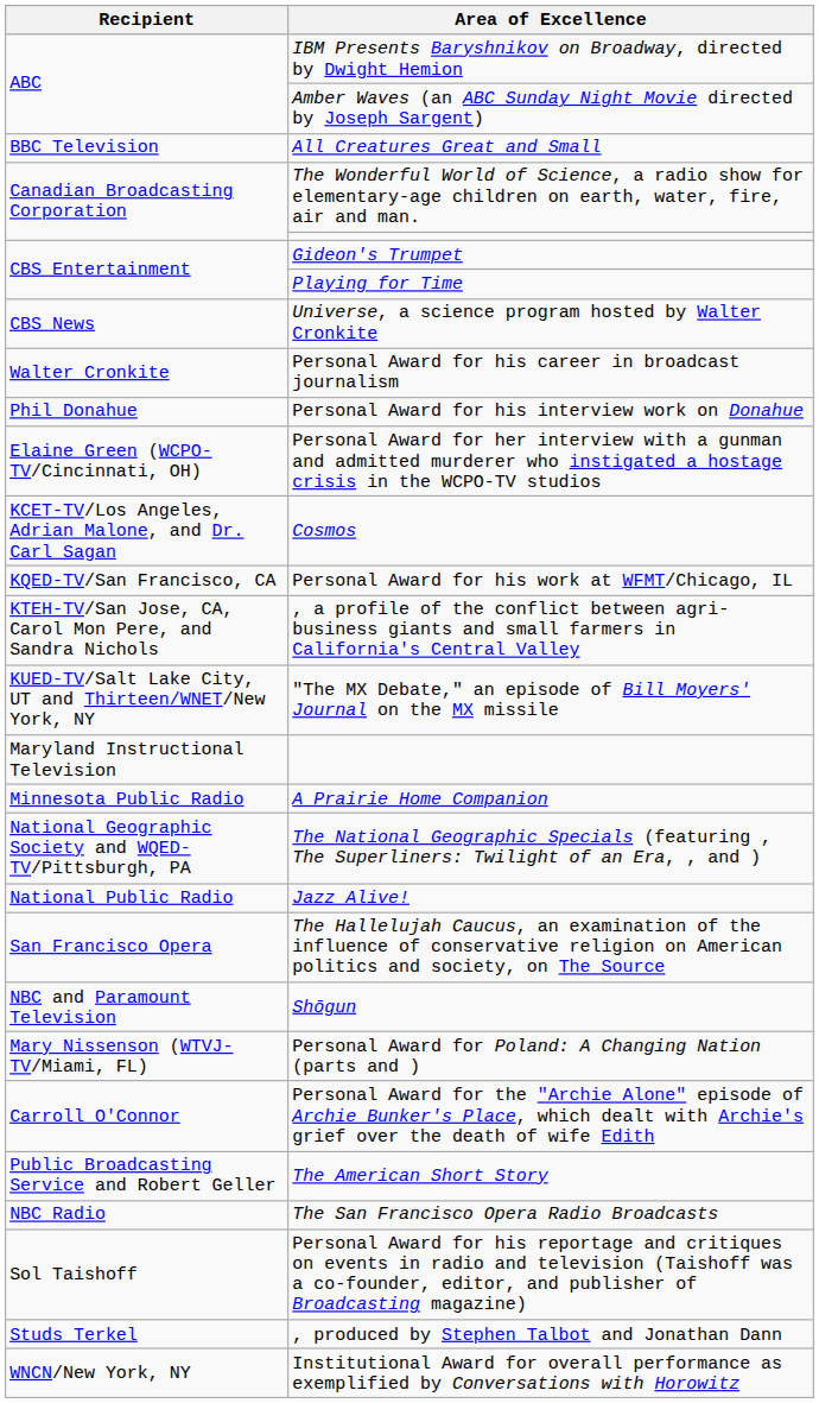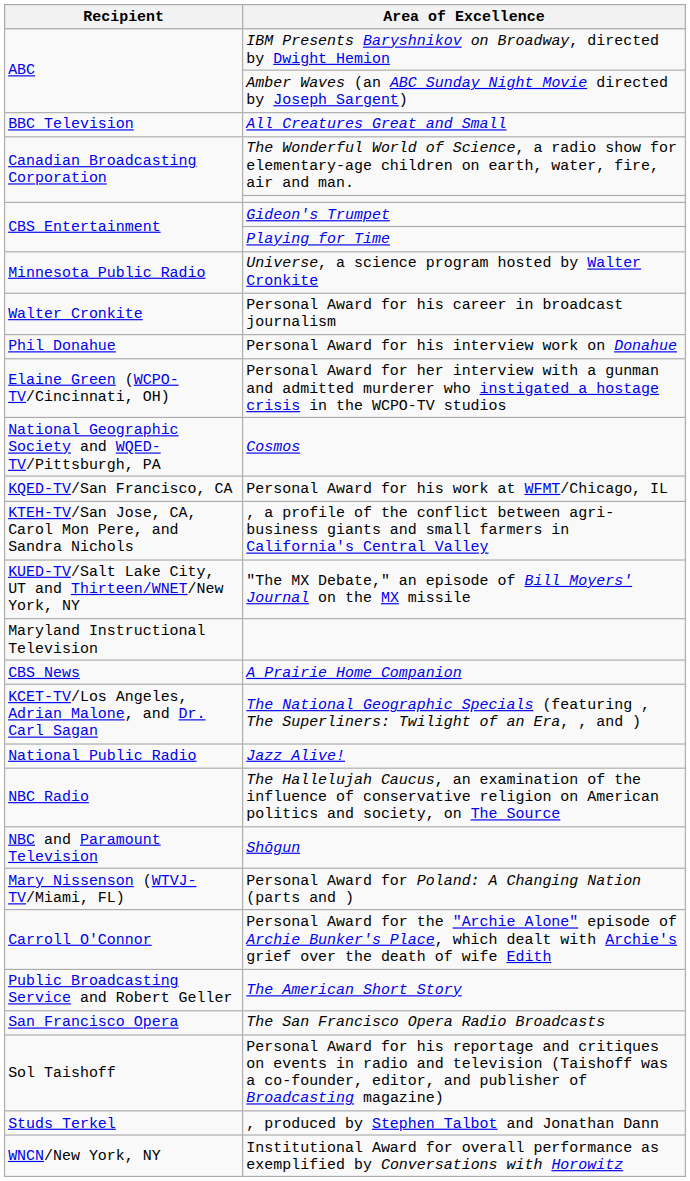 <table class="wikitable" style="width:95%">
 <tr bgcolor="#CCCCCC">
 <th width=35%>Recipient</th>
 <th width=65%>Area of Excellence</th>
 </tr>
 <tr>
 <td rowspan="2"><a href='#'>ABC</a></td>
 <td><em>IBM Presents <a href='#'>Baryshnikov</a> on Broadway</em>, directed by <a href='#'>Dwight Hemion</a></td>
 </tr>
 <tr>
 <td><em>Amber Waves</em> (an <em><a href='#'>ABC Sunday Night Movie</a></em> directed by <a href='#'>Joseph Sargent</a>)</td>
 </tr>
 <tr>
 <td><a href='#'>BBC Television</a></td>
 <td><em><a href='#'>All Creatures Great and Small</a></em></td>
 </tr>
 <tr>
 <td rowspan="2"><a href='#'>Canadian Broadcasting Corporation</a></td>
 <td><em>The Wonderful World of Science</em>, a radio show for elementary-age children on earth, water, fire, air and man.</td>
 </tr>
 <tr>
 <td><em></em></td>
 </tr>
 <tr>
 <td rowspan="2"><a href='#'>CBS Entertainment</a></td>
 <td><em><a href='#'>Gideon's Trumpet</a></em></td>
 </tr>
 <tr>
 <td><em><a href='#'>Playing for Time</a></em></td>
 </tr>
 <tr>
-<td><a href='#'>CBS News</a></td>
+<td><a href='#'>Minnesota Public Radio</a></td>
 <td><em>Universe</em>, a science program hosted by <a href='#'>Walter Cronkite</a></td>
 </tr>
 <tr>
 <td><a href='#'>Walter Cronkite</a></td>
 <td>Personal Award for his career in broadcast journalism</td>
 </tr>
 <tr>
 <td><a href='#'>Phil Donahue</a></td>
 <td>Personal Award for his interview work on <em><a href='#'>Donahue</a></em></td>
 </tr>
 <tr>
 <td rowspan="1"><a href='#'>Elaine Green</a> (<a href='#'>WCPO-TV</a>/Cincinnati, OH)</td>
 <td>Personal Award for her interview with a gunman and admitted murderer who <a href='#'>instigated a hostage crisis</a> in the WCPO-TV studios</td>
 </tr>
 <tr>
-<td><a href='#'>KCET-TV</a>/Los Angeles, <a href='#'>Adrian Malone</a>, and <a href='#'>Dr. Carl Sagan</a></td>
+<td><a href='#'>National Geographic Society</a> and <a href='#'>WQED-TV</a>/Pittsburgh, PA</td>
 <td><em><a href='#'>Cosmos</a></em></td>
 </tr>
 <tr>
 <td><a href='#'>KQED-TV</a>/San Francisco, CA</td>
 <td>Personal Award for his work at <a href='#'>WFMT</a>/Chicago, IL</td>
 </tr>
 <tr>
 <td><a href='#'>KTEH-TV</a>/San Jose, CA, Carol Mon Pere, and Sandra Nichols</td>
 <td><em></em>, a profile of the conflict between agri-business giants and small farmers in <a href='#'>California's Central Valley</a></td>
 </tr>
 <tr>
 <td><a href='#'>KUED-TV</a>/Salt Lake City, UT and <a href='#'>Thirteen/WNET</a>/New York, NY</td>
 <td>"The MX Debate," an episode of <em><a href='#'>Bill Moyers' Journal</a></em> on the <a href='#'>MX</a> missile</td>
 </tr>
 <tr>
 <td>Maryland Instructional Television</td>
 <td><em></em></td>
 </tr>
 <tr>
-<td><a href='#'>Minnesota Public Radio</a></td>
+<td><a href='#'>CBS News</a></td>
 <td><em><a href='#'>A Prairie Home Companion</a></em></td>
 </tr>
 <tr>
-<td><a href='#'>National Geographic Society</a> and <a href='#'>WQED-TV</a>/Pittsburgh, PA</td>
+<td><a href='#'>KCET-TV</a>/Los Angeles, <a href='#'>Adrian Malone</a>, and <a href='#'>Dr. Carl Sagan</a></td>
 <td><em><a href='#'>The National Geographic Specials</a></em> (featuring <em></em>, <em>The Superliners: Twilight of an Era</em>, <em></em>, and <em></em>)</td>
 </tr>
 <tr>
 <td><a href='#'>National Public Radio</a></td>
 <td><em><a href='#'>Jazz Alive!</a></em></td>
 </tr>
 <tr>
-<td><a href='#'>San Francisco Opera</a></td>
+<td><a href='#'>NBC Radio</a></td>
 <td><em>The Hallelujah Caucus</em>, an examination of the influence of conservative religion on American politics and society, on <a href='#'>The Source</a></td>
 </tr>
 <tr>
 <td><a href='#'>NBC</a> and <a href='#'>Paramount Television</a></td>
 <td><em><a href='#'>Shōgun</a></em></td>
 </tr>
 <tr>
 <td><a href='#'>Mary Nissenson</a> (<a href='#'>WTVJ-TV</a>/Miami, FL)</td>
 <td>Personal Award for <em>Poland: A Changing Nation</em> (parts  and )</td>
 </tr>
 <tr>
 <td><a href='#'>Carroll O'Connor</a></td>
 <td>Personal Award for the <a href='#'>"Archie Alone"</a> episode of <em><a href='#'>Archie Bunker's Place</a></em>, which dealt with <a href='#'>Archie's</a> grief over the death of wife <a href='#'>Edith</a></td>
 </tr>
 <tr>
 <td><a href='#'>Public Broadcasting Service</a> and Robert Geller</td>
 <td><em><a href='#'>The American Short Story</a></em></td>
 </tr>
 <tr>
-<td><a href='#'>NBC Radio</a></td>
+<td><a href='#'>San Francisco Opera</a></td>
 <td><em>The San Francisco Opera Radio Broadcasts</em></td>
 </tr>
 <tr>
 <td>Sol Taishoff</td>
 <td>Personal Award for his reportage and critiques on events in radio and television (Taishoff was a co-founder, editor, and publisher of <em><a href='#'>Broadcasting</a></em> magazine)</td>
 </tr>
 <tr>
 <td><a href='#'>Studs Terkel</a></td>
 <td><em></em>, produced by <a href='#'>Stephen Talbot</a> and Jonathan Dann</td>
 </tr>
 <tr>
 <td><a href='#'>WNCN</a>/New York, NY</td>
 <td>Institutional Award for overall performance as exemplified by <em>Conversations with <a href='#'>Horowitz</a></em></td>
 </tr>
 </table>
